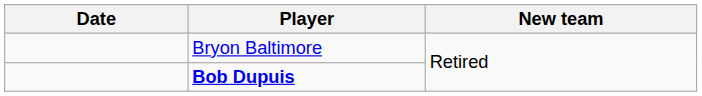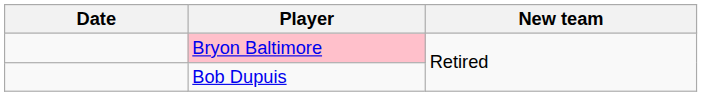 <table class="wikitable">
 <tr style="background:#ddd; text-align:center;">
 <th style="width: 10em;">Date</th>
 <th style="width: 13em;">Player</th>
 <th style="width: 15em;">New team</th>
 </tr>
 <tr>
 <td></td>
-<td><a href='#'>Bryon Baltimore</a></td>
+<td style="background: pink;"><a href='#'>Bryon Baltimore</a></td>
 <td rowspan=2>Retired</td>
 </tr>
 <tr>
 <td></td>
-<td><strong><a href='#'>Bob Dupuis</a></strong></td>
+<td><a href='#'>Bob Dupuis</a></td>
 </tr>
 </table>
